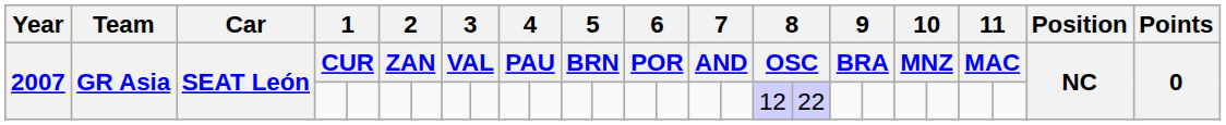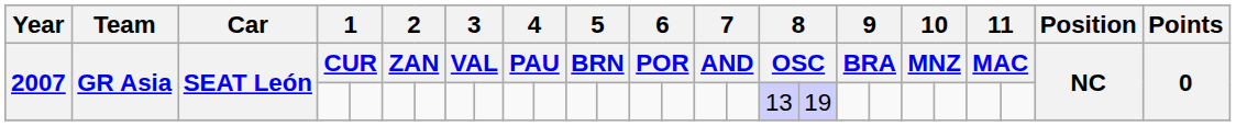 <table class="wikitable" style="text-align:center; font-size:85%">
 <tr>
 <th>Year</th>
 <th>Team</th>
 <th>Car</th>
 <th colspan=2>1</th>
 <th colspan=2>2</th>
 <th colspan=2>3</th>
 <th colspan=2>4</th>
 <th colspan=2>5</th>
 <th colspan=2>6</th>
 <th colspan=2>7</th>
 <th colspan=2>8</th>
 <th colspan=2>9</th>
 <th colspan=2>10</th>
 <th colspan=2>11</th>
 <th>Position</th>
 <th>Points</th>
 </tr>
 <tr>
 <th rowspan=2><a href='#'>2007</a></th>
 <th rowspan=2><a href='#'>GR Asia</a></th>
 <th rowspan=2><a href='#'>SEAT León</a></th>
 <th colspan=2><a href='#'>CUR</a></th>
 <th colspan=2><a href='#'>ZAN</a></th>
 <th colspan=2><a href='#'>VAL</a></th>
 <th colspan=2><a href='#'>PAU</a></th>
 <th colspan=2><a href='#'>BRN</a></th>
 <th colspan=2><a href='#'>POR</a></th>
 <th colspan=2><a href='#'>AND</a></th>
 <th colspan=2><a href='#'>OSC</a></th>
 <th colspan=2><a href='#'>BRA</a></th>
 <th colspan=2><a href='#'>MNZ</a></th>
 <th colspan=2><a href='#'>MAC</a></th>
 <th rowspan=2>NC</th>
 <th rowspan=2>0</th>
 </tr>
 <tr>
 <td></td>
 <td></td>
 <td></td>
 <td></td>
 <td></td>
 <td></td>
 <td></td>
 <td></td>
 <td></td>
 <td></td>
 <td></td>
 <td></td>
 <td></td>
 <td></td>
-<td style="background:#cfcfff;">12</td>
-<td style="background:#cfcfff;">22</td>
+<td style="background:#cfcfff;">13</td>
+<td style="background:#cfcfff;">19</td>
 <td></td>
 <td></td>
 <td></td>
 <td></td>
 <td></td>
 <td></td>
 </tr>
 </table>
